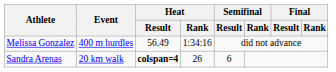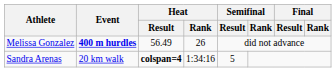 <table class="wikitable"  style=font-size:90%>
 <tr>
 <th rowspan="2">Athlete</th>
 <th rowspan="2">Event</th>
 <th colspan="2">Heat</th>
 <th colspan="2">Semifinal</th>
 <th colspan="2">Final</th>
 </tr>
 <tr>
 <th>Result</th>
 <th>Rank</th>
 <th>Result</th>
 <th>Rank</th>
 <th>Result</th>
 <th>Rank</th>
 </tr>
 <tr style=text-align:center>
 <td style=text-align:left><a href='#'>Melissa Gonzalez</a></td>
-<td style=text-align:left><a href='#'>400 m hurdles</a></td>
+<td style=text-align:left><strong><a href='#'>400 m hurdles</a></strong></td>
 <td>56.49</td>
-<td>1:34:16</td>
+<td>26</td>
 <td colspan=4>did not advance</td>
 </tr>
 <tr style=text-align:center>
 <td style=text-align:left><a href='#'>Sandra Arenas</a></td>
 <td style=text-align:left><a href='#'>20 km walk</a></td>
 <td><strong>colspan=4</strong></td>
-<td>26</td>
-<td>6</td>
+<td>1:34:16</td>
+<td>5</td>
 </tr>
 </table>
